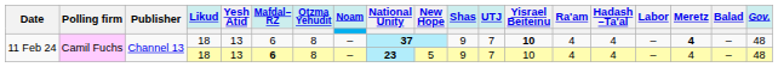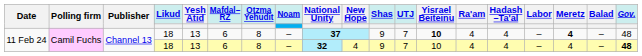 <table class="wikitable sortable" style=text-align:center;font-size:90%;line-height:12px>
 <tr>
 <th rowspan=2>Date</th>
 <th rowspan=2>Polling firm</th>
 <th rowspan=2>Publisher</th>
 <th style=background:#cee><a href='#'>Likud</a></th>
 <th><a href='#'>Yesh<br>Atid</a></th>
 <th style=background:#cee;font-size:90%><a href='#'>Mafdal–<br>RZ</a></th>
 <th style=background:#cee;font-size:90%><a href='#'>Otzma<br>Yehudit</a></th>
 <th style=background:#cee;font-size:90%><a href='#'>Noam</a></th>
 <th><a href='#'>National<br>Unity</a></th>
 <th><a href='#'>New<br>Hope</a></th>
 <th style=background:#cee><a href='#'>Shas</a></th>
 <th style=background:#cee><a href='#'>UTJ</a></th>
 <th><a href='#'>Yisrael<br>Beiteinu</a></th>
 <th><a href='#'>Ra'am</a></th>
 <th><a href='#'>Hadash<br>–Ta'al</a></th>
 <th><a href='#'>Labor</a></th>
 <th><a href='#'>Meretz</a></th>
 <th><a href='#'>Balad</a></th>
 <th style=background:#cee;font-size:90%><a href='#'><em>Gov.</em></a></th>
 </tr>
 <tr>
 <th style=background:></th>
 <th style=background:></th>
 <th style=background:></th>
 <th style=background:></th>
 <th style=background:#01AFF0></th>
 <th style=background:></th>
 <th style=background:></th>
 <th style=background:></th>
 <th style=background:></th>
 <th style=background:></th>
 <th style=background:></th>
 <th style=background:></th>
 <th style=background:></th>
 <th style=background:></th>
 <th style=background:></th>
 <th style=background:></th>
 </tr>
 <tr>
 <td rowspan=2 data-sort-value=2024-02-11>11 Feb 24</td>
 <td rowspan=2 style=background:#FFCCFF>Camil Fuchs</td>
 <td rowspan=2><a href='#'>Channel 13</a></td>
 <td>18					</td>
 <td>13					</td>
 <td>6					</td>
 <td>8					</td>
 <td>–					</td>
 <td colspan=2 style=background:#B2EDFB><strong>37</strong>	</td>
 <td>9					</td>
 <td>7					</td>
 <td><strong>10					</strong></td>
 <td>4					</td>
 <td>4					</td>
 <td>–					</td>
 <td><strong>4					</strong></td>
 <td>–					</td>
 <td>48					</td>
 </tr>
 <tr style=background:#fffdb0>
 <td>18					</td>
 <td>13					</td>
-<td><strong>6					</strong></td>
+<td>6					</td>
 <td>8					</td>
 <td>–					</td>
-<td style=background:#B2EDFB><strong>23</strong>	</td>
-<td>5					</td>
+<td style=background:#B2EDFB><strong>32</strong>	</td>
+<td>4					</td>
 <td>9					</td>
 <td>7					</td>
 <td>10					</td>
 <td>4					</td>
 <td>4					</td>
 <td>–					</td>
 <td>4					</td>
 <td>–					</td>
-<td>48					</td>
+<td><strong>48					</strong></td>
 </tr>
 </table>
